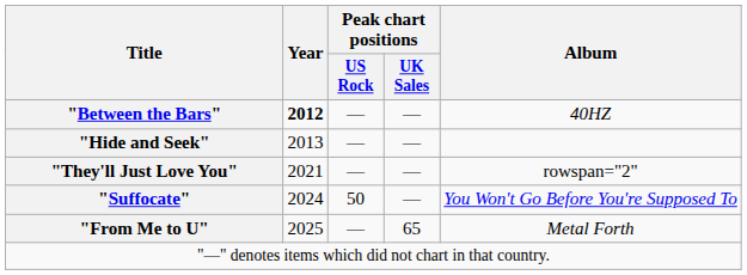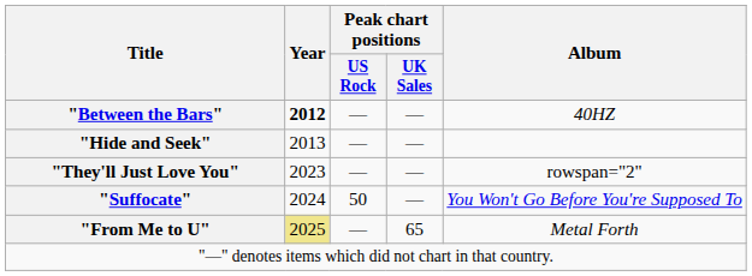 <table class="wikitable plainrowheaders" style="text-align:center">
 <tr>
 <th scope="col" rowspan="2" style="width:15em;">Title</th>
 <th scope="col" rowspan="2">Year</th>
 <th colspan="2" scope="col">Peak chart positions</th>
 <th scope="col" rowspan="2">Album</th>
 </tr>
 <tr>
 <th scope="col" style="width:3em;font-size:90%;"><a href='#'>US<br>Rock</a><br></th>
 <th scope="col" style="width:3em;font-size:90%;"><a href='#'>UK<br>Sales</a><br></th>
 </tr>
 <tr>
 <th scope="row">"<a href='#'>Between the Bars</a>"<br></th>
 <td><strong>2012</strong></td>
 <td>—</td>
 <td>—</td>
 <td><em>40HZ</em></td>
 </tr>
 <tr>
 <th scope="row">"Hide and Seek"<br></th>
 <td>2013</td>
 <td>—</td>
 <td>—</td>
 </tr>
 <tr>
 <th scope="row">"They'll Just Love You"<br></th>
-<td>2021</td>
+<td>2023</td>
 <td>—</td>
 <td>—</td>
 <td>rowspan="2" </td>
 </tr>
 <tr>
 <th scope="row">"<a href='#'>Suffocate</a>"<br></th>
 <td>2024</td>
 <td>50</td>
 <td>—</td>
 <td><em><a href='#'>You Won't Go Before You're Supposed To</a></em></td>
 </tr>
 <tr>
 <th scope="row">"From Me to U"<br></th>
-<td>2025</td>
+<td style="background: khaki;">2025</td>
 <td>—</td>
 <td>65</td>
 <td><em>Metal Forth</em></td>
 </tr>
 <tr>
 <td colspan="5" style="font-size:90%">"—" denotes items which did not chart in that country.</td>
 </tr>
 </table>
